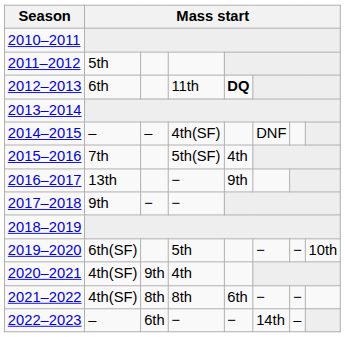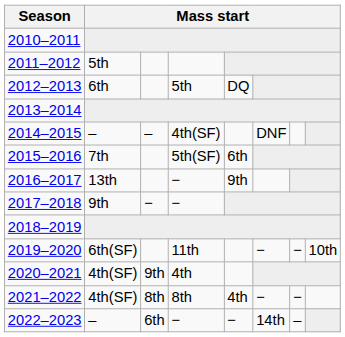 <table class="wikitable" style="display: inline-table;">
 <tr>
 <th>Season</th>
 <th colspan="7">Mass start</th>
 </tr>
 <tr>
 <td><a href='#'>2010–2011</a></td>
 <td colspan="7" bgcolor=#EEEEEE></td>
 </tr>
 <tr>
 <td><a href='#'>2011–2012</a></td>
 <td>5th</td>
 <td></td>
 <td></td>
 <td colspan="4" bgcolor=#EEEEEE></td>
 </tr>
 <tr>
 <td><a href='#'>2012–2013</a></td>
 <td>6th</td>
 <td></td>
-<td>11th</td>
-<td><strong>DQ</strong></td>
+<td>5th</td>
+<td>DQ</td>
 <td colspan="3" bgcolor=#EEEEEE></td>
 </tr>
 <tr>
 <td><a href='#'>2013–2014</a></td>
 <td colspan="7" bgcolor=#EEEEEE></td>
 </tr>
 <tr>
 <td><a href='#'>2014–2015</a></td>
 <td>–</td>
 <td>–</td>
 <td>4th(SF)</td>
 <td></td>
 <td>DNF</td>
 <td></td>
 <td colspan="1" bgcolor=#EEEEEE></td>
 </tr>
 <tr>
 <td><a href='#'>2015–2016</a></td>
 <td>7th</td>
 <td></td>
 <td>5th(SF)</td>
-<td>4th</td>
+<td>6th</td>
 <td colspan="3" bgcolor=#EEEEEE></td>
 </tr>
 <tr>
 <td><a href='#'>2016–2017</a></td>
 <td>13th</td>
 <td></td>
 <td>−</td>
 <td>9th</td>
 <td></td>
 <td colspan="2" bgcolor=#EEEEEE></td>
 </tr>
 <tr>
 <td><a href='#'>2017–2018</a></td>
 <td>9th</td>
 <td>−</td>
 <td>−</td>
 <td colspan="4" bgcolor=#EEEEEE></td>
 </tr>
 <tr>
 <td><a href='#'>2018–2019</a></td>
 <td colspan="7" bgcolor=#EEEEEE></td>
 </tr>
 <tr>
 <td><a href='#'>2019–2020</a></td>
 <td>6th(SF)</td>
 <td></td>
-<td>5th</td>
+<td>11th</td>
 <td></td>
 <td>−</td>
 <td>−</td>
 <td>10th</td>
 </tr>
 <tr>
 <td><a href='#'>2020–2021</a></td>
 <td>4th(SF)</td>
 <td>9th</td>
 <td>4th</td>
 <td></td>
 <td colspan="3" bgcolor=#EEEEEE></td>
 </tr>
 <tr>
 <td><a href='#'>2021–2022</a></td>
 <td>4th(SF)</td>
 <td>8th</td>
 <td>8th</td>
-<td>6th</td>
+<td>4th</td>
 <td>−</td>
 <td>−</td>
 <td></td>
 </tr>
 <tr>
 <td><a href='#'>2022–2023</a></td>
 <td>–</td>
 <td>6th</td>
 <td>−</td>
 <td>−</td>
 <td>14th</td>
 <td>–</td>
 <td colspan="1" bgcolor=#EEEEEE></td>
 </tr>
 </table>
